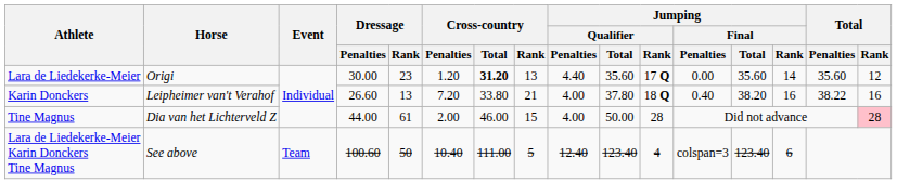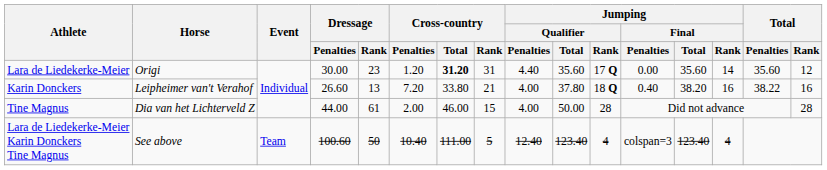 <table class=wikitable style="font-size:90%; text-align:center;">
 <tr>
 <th rowspan=3>Athlete</th>
 <th rowspan=3>Horse</th>
 <th rowspan=3>Event</th>
 <th colspan=2 rowspan=2>Dressage</th>
 <th colspan=3 rowspan=2>Cross-country</th>
 <th colspan=6>Jumping</th>
 <th colspan=2 rowspan=2>Total</th>
 </tr>
 <tr style=font-size:95%>
 <th colspan=3>Qualifier</th>
 <th colspan=3>Final</th>
 </tr>
 <tr style=font-size:95%>
 <th>Penalties</th>
 <th>Rank</th>
 <th>Penalties</th>
 <th>Total</th>
 <th>Rank</th>
 <th>Penalties</th>
 <th>Total</th>
 <th>Rank</th>
 <th>Penalties</th>
 <th>Total</th>
 <th>Rank</th>
 <th>Penalties</th>
 <th>Rank</th>
 </tr>
 <tr>
 <td align=left><a href='#'>Lara de Liedekerke-Meier</a></td>
 <td align=left><em>Origi</em></td>
 <td rowspan=3 align=left><a href='#'>Individual</a></td>
 <td>30.00</td>
 <td>23</td>
 <td>1.20</td>
 <td><strong>31.20</strong></td>
-<td>13</td>
+<td>31</td>
 <td>4.40</td>
 <td>35.60</td>
 <td>17 <strong>Q</strong></td>
 <td>0.00</td>
 <td>35.60</td>
 <td>14</td>
 <td>35.60</td>
 <td>12</td>
 </tr>
 <tr>
 <td align=left><a href='#'>Karin Donckers</a></td>
 <td align=left><em>Leipheimer van't Verahof</em></td>
 <td>26.60</td>
 <td>13</td>
 <td>7.20</td>
 <td>33.80</td>
 <td>21</td>
 <td>4.00</td>
 <td>37.80</td>
 <td>18 <strong>Q</strong></td>
 <td>0.40</td>
 <td>38.20</td>
 <td>16</td>
 <td>38.22</td>
 <td>16</td>
 </tr>
 <tr>
 <td align=left><a href='#'>Tine Magnus</a></td>
 <td align=left><em>Dia van het Lichterveld Z</em></td>
 <td>44.00</td>
 <td>61</td>
 <td>2.00</td>
 <td>46.00</td>
 <td>15</td>
 <td>4.00</td>
 <td>50.00</td>
 <td>28</td>
 <td colspan=4>Did not advance</td>
-<td style="background: pink;">28</td>
+<td>28</td>
 </tr>
 <tr>
 <td align=left><a href='#'>Lara de Liedekerke-Meier</a><br><a href='#'>Karin Donckers</a><br><a href='#'>Tine Magnus</a></td>
 <td align=left><em>See above</em></td>
 <td align=left><a href='#'>Team</a></td>
 <td><s>100.60</s></td>
 <td><s>50</s></td>
 <td><s>10.40</s></td>
 <td><s>111.00</s></td>
 <td><s>5</s></td>
 <td><s>12.40</s></td>
 <td><s>123.40</s></td>
 <td><s>4</s></td>
 <td>colspan=3 </td>
 <td><s>123.40</s></td>
-<td><s>6</s></td>
+<td><s>4</s></td>
 </tr>
 </table>
